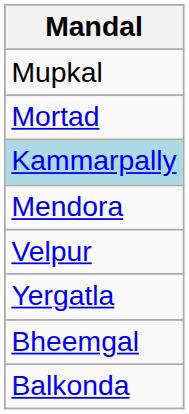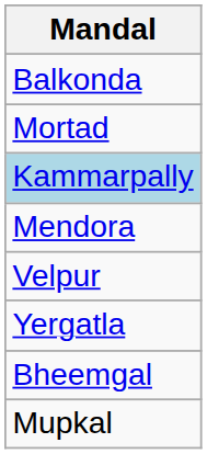 <table class="wikitable sortable static-row-numbers static-row-header-hash">
 <tr>
 <th>Mandal</th>
 </tr>
 <tr>
-<td>Mupkal</td>
+<td><a href='#'>Balkonda</a></td>
 </tr>
 <tr>
 <td><a href='#'>Mortad</a></td>
 </tr>
 <tr>
 <td style="background: lightblue;"><a href='#'>Kammarpally</a></td>
 </tr>
 <tr>
 <td><a href='#'>Mendora</a></td>
 </tr>
 <tr>
 <td><a href='#'>Velpur</a></td>
 </tr>
 <tr>
 <td><a href='#'>Yergatla</a></td>
 </tr>
 <tr>
 <td><a href='#'>Bheemgal</a></td>
 </tr>
 <tr>
-<td><a href='#'>Balkonda</a></td>
+<td>Mupkal</td>
 </tr>
 </table>
